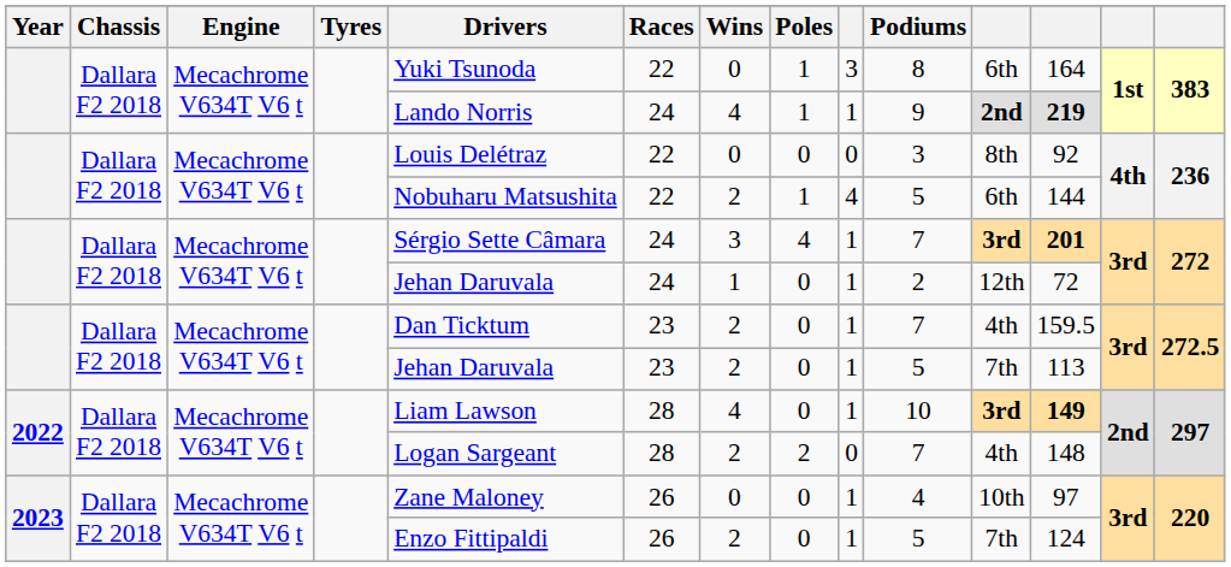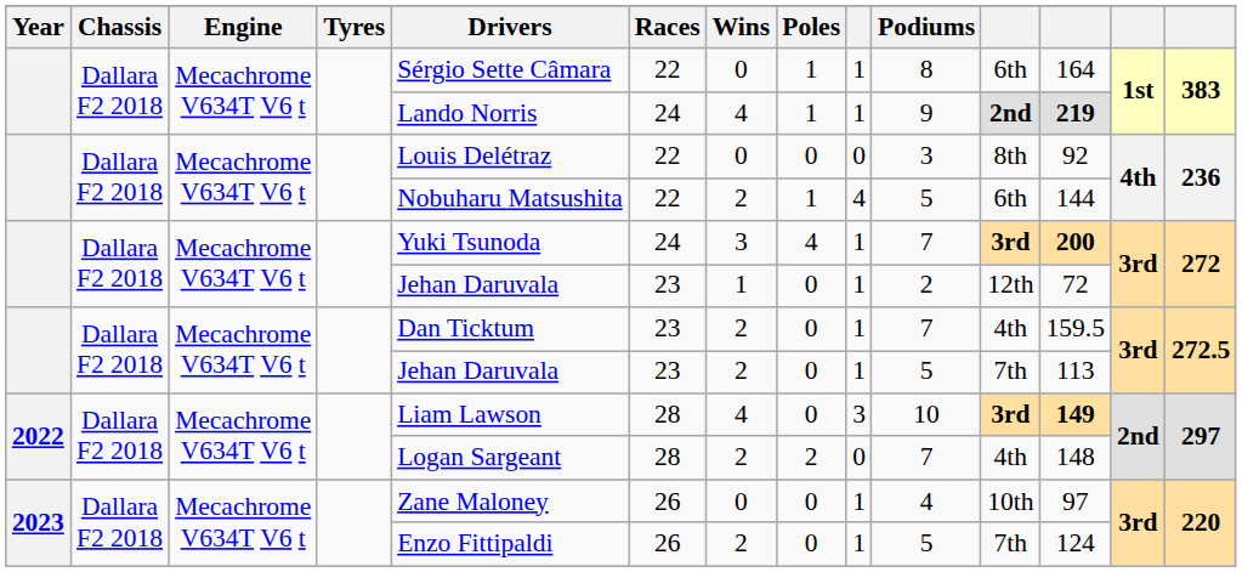 <table class="wikitable" style="text-align:center; font-size:85%">
 <tr valign="top">
 </tr>
 <tr>
 <th>Year</th>
 <th>Chassis</th>
 <th>Engine</th>
 <th>Tyres</th>
 <th>Drivers</th>
 <th>Races</th>
 <th>Wins</th>
 <th>Poles</th>
 <th></th>
 <th>Podiums</th>
 <th></th>
 <th></th>
 <th></th>
 <th></th>
 </tr>
 <tr>
 <th rowspan=2></th>
 <td rowspan=2><a href='#'>Dallara</a><br><a href='#'>F2 2018</a></td>
 <td rowspan=2><a href='#'>Mecachrome</a><br><a href='#'>V634T</a> <a href='#'>V6</a> <a href='#'>t</a></td>
 <td rowspan=2></td>
-<td align=left> <a href='#'>Yuki Tsunoda</a></td>
+<td align=left> <a href='#'>Sérgio Sette Câmara</a></td>
 <td>22</td>
 <td>0</td>
 <td>1</td>
-<td>3</td>
+<td>1</td>
 <td>8</td>
 <td>6th</td>
 <td>164</td>
 <th rowspan="2" style="background:#ffffbf;">1st</th>
 <th rowspan="2" style="background:#ffffbf;">383</th>
 </tr>
 <tr>
 <td align=left> <a href='#'>Lando Norris</a></td>
 <td>24</td>
 <td>4</td>
 <td>1</td>
 <td>1</td>
 <td>9</td>
 <td style="background:#dfdfdf;"><strong>2nd</strong></td>
 <td style="background:#dfdfdf;"><strong>219</strong></td>
 </tr>
 <tr>
 <th rowspan=2></th>
 <td rowspan=2><a href='#'>Dallara</a><br><a href='#'>F2 2018</a></td>
 <td rowspan=2><a href='#'>Mecachrome</a><br><a href='#'>V634T</a> <a href='#'>V6</a> <a href='#'>t</a></td>
 <td rowspan=2></td>
 <td align=left> <a href='#'>Louis Delétraz</a></td>
 <td>22</td>
 <td>0</td>
 <td>0</td>
 <td>0</td>
 <td>3</td>
 <td>8th</td>
 <td>92</td>
 <th rowspan=2>4th</th>
 <th rowspan=2>236</th>
 </tr>
 <tr>
 <td align=left> <a href='#'>Nobuharu Matsushita</a></td>
 <td>22</td>
 <td>2</td>
 <td>1</td>
 <td>4</td>
 <td>5</td>
 <td>6th</td>
 <td>144</td>
 </tr>
 <tr>
 <th rowspan=2></th>
 <td rowspan=2><a href='#'>Dallara</a><br><a href='#'>F2 2018</a></td>
 <td rowspan=2><a href='#'>Mecachrome</a><br><a href='#'>V634T</a> <a href='#'>V6</a> <a href='#'>t</a></td>
 <td rowspan=2></td>
-<td align=left> <a href='#'>Sérgio Sette Câmara</a></td>
+<td align=left> <a href='#'>Yuki Tsunoda</a></td>
 <td>24</td>
 <td>3</td>
 <td>4</td>
 <td>1</td>
 <td>7</td>
 <td style="background:#ffdf9f;"><strong>3rd</strong></td>
-<td style="background:#ffdf9f;"><strong>201</strong></td>
+<td style="background:#ffdf9f;"><strong>200</strong></td>
 <th rowspan=2 style="background:#ffdf9f;">3rd</th>
 <th rowspan=2 style="background:#ffdf9f;">272</th>
 </tr>
 <tr>
 <td align=left> <a href='#'>Jehan Daruvala</a></td>
-<td>24</td>
+<td>23</td>
 <td>1</td>
 <td>0</td>
 <td>1</td>
 <td>2</td>
 <td>12th</td>
 <td>72</td>
 </tr>
 <tr>
 <th rowspan=2></th>
 <td rowspan=2><a href='#'>Dallara</a><br><a href='#'>F2 2018</a></td>
 <td rowspan=2><a href='#'>Mecachrome</a><br><a href='#'>V634T</a> <a href='#'>V6</a> <a href='#'>t</a></td>
 <td rowspan=2></td>
 <td align=left> <a href='#'>Dan Ticktum</a></td>
 <td>23</td>
 <td>2</td>
 <td>0</td>
 <td>1</td>
 <td>7</td>
 <td>4th</td>
 <td>159.5</td>
 <td rowspan="2" style="background:#FFDF9F;"><strong>3rd</strong></td>
 <td rowspan="2" style="background:#FFDF9F;"><strong>272.5</strong></td>
 </tr>
 <tr>
 <td align=left> <a href='#'>Jehan Daruvala</a></td>
 <td>23</td>
 <td>2</td>
 <td>0</td>
 <td>1</td>
 <td>5</td>
 <td>7th</td>
 <td>113</td>
 </tr>
 <tr>
 <th rowspan="2"><a href='#'>2022</a></th>
 <td rowspan=2><a href='#'>Dallara</a><br><a href='#'>F2 2018</a></td>
 <td rowspan=2><a href='#'>Mecachrome</a><br><a href='#'>V634T</a> <a href='#'>V6</a> <a href='#'>t</a></td>
 <td rowspan=2></td>
 <td align=left> <a href='#'>Liam Lawson</a></td>
 <td>28</td>
 <td>4</td>
 <td>0</td>
-<td>1</td>
+<td>3</td>
 <td>10</td>
 <td style="background:#FFDF9F;"><strong>3rd</strong></td>
 <td style="background:#FFDF9F;"><strong>149</strong></td>
 <th rowspan="2" style="background:#DFDFDF;">2nd</th>
 <th rowspan="2" style="background:#DFDFDF;">297</th>
 </tr>
 <tr>
 <td align=left> <a href='#'>Logan Sargeant</a></td>
 <td>28</td>
 <td>2</td>
 <td>2</td>
 <td>0</td>
 <td>7</td>
 <td style="background:#;">4th</td>
 <td style="background:#;">148</td>
 </tr>
 <tr>
 <th rowspan="2"><a href='#'>2023</a></th>
 <td rowspan=2><a href='#'>Dallara</a><br><a href='#'>F2 2018</a></td>
 <td rowspan=2><a href='#'>Mecachrome</a><br><a href='#'>V634T</a> <a href='#'>V6</a> <a href='#'>t</a></td>
 <td rowspan=2></td>
 <td align=left> <a href='#'>Zane Maloney</a></td>
 <td>26</td>
 <td>0</td>
 <td>0</td>
 <td>1</td>
 <td>4</td>
 <td style="background:#;">10th</td>
 <td style="background:#;">97</td>
 <th rowspan="2" style="background:#FFDF9F;">3rd</th>
 <th rowspan="2" style="background:#FFDF9F;">220</th>
 </tr>
 <tr>
 <td align=left> <a href='#'>Enzo Fittipaldi</a></td>
 <td>26</td>
 <td>2</td>
 <td>0</td>
 <td>1</td>
 <td>5</td>
 <td style="background:#;">7th</td>
 <td style="background:#;">124</td>
 </tr>
 </table>
